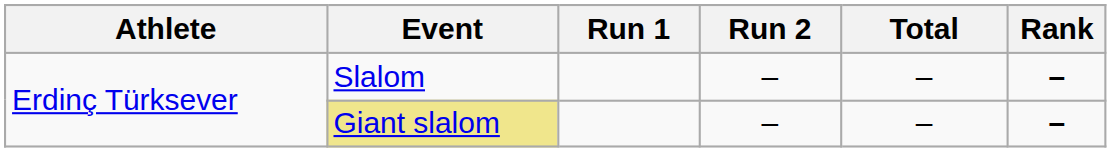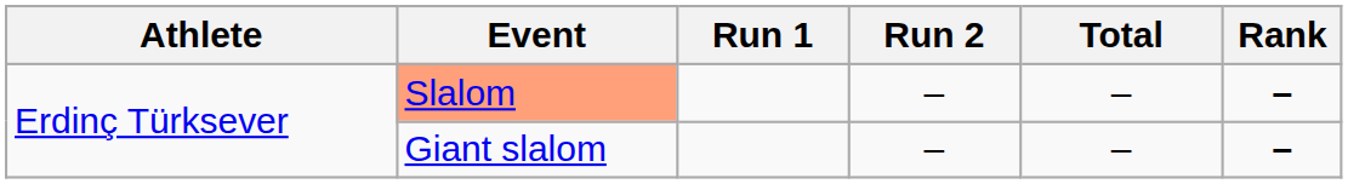 <table class="wikitable" width="60%" style="text-align:center; font-size:90%">
 <tr>
 <th width="25%">Athlete</th>
 <th width="18%">Event</th>
 <th width="11%">Run 1</th>
 <th width="11%">Run 2</th>
 <th width="13%">Total</th>
 <th width="6%">Rank</th>
 </tr>
 <tr>
 <td rowspan=2 align="left"><a href='#'>Erdinç Türksever</a></td>
-<td align="left"><a href='#'>Slalom</a></td>
+<td align="left" style="background: lightsalmon;"><a href='#'>Slalom</a></td>
 <td></td>
 <td>–</td>
 <td>–</td>
 <td><strong>–</strong></td>
 </tr>
 <tr>
-<td align="left" style="background: khaki;"><a href='#'>Giant slalom</a></td>
+<td align="left"><a href='#'>Giant slalom</a></td>
 <td></td>
 <td>–</td>
 <td>–</td>
 <td><strong>–</strong></td>
 </tr>
 </table>
